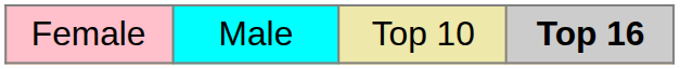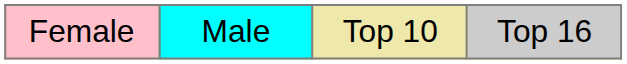 <table border="2" cellpadding="4" style="background:orange; border:1px solid gray; border-collapse:collapse; margin:1em auto; text-align:center;">
 <tr>
 </tr>
 <tr>
 <td style="background:pink;" width="20%">Female</td>
 <td style="background:cyan;" width="20%">Male</td>
 <td style="background:palegoldenrod;" width="20%">Top 10</td>
-<td style="background:#CCCCCC;" width="20%"><strong>Top 16</strong></td>
+<td style="background:#CCCCCC;" width="20%">Top 16</td>
 </tr>
 </table>
